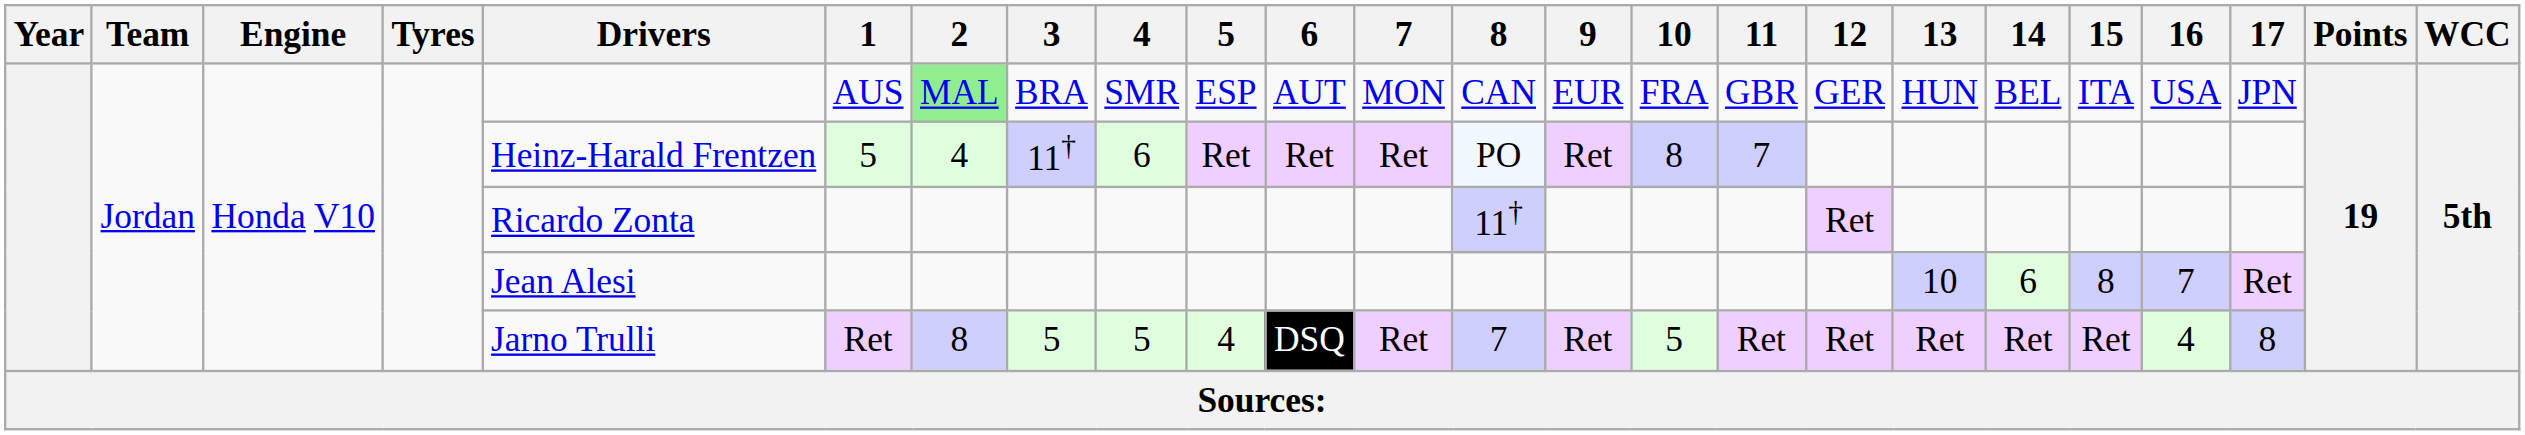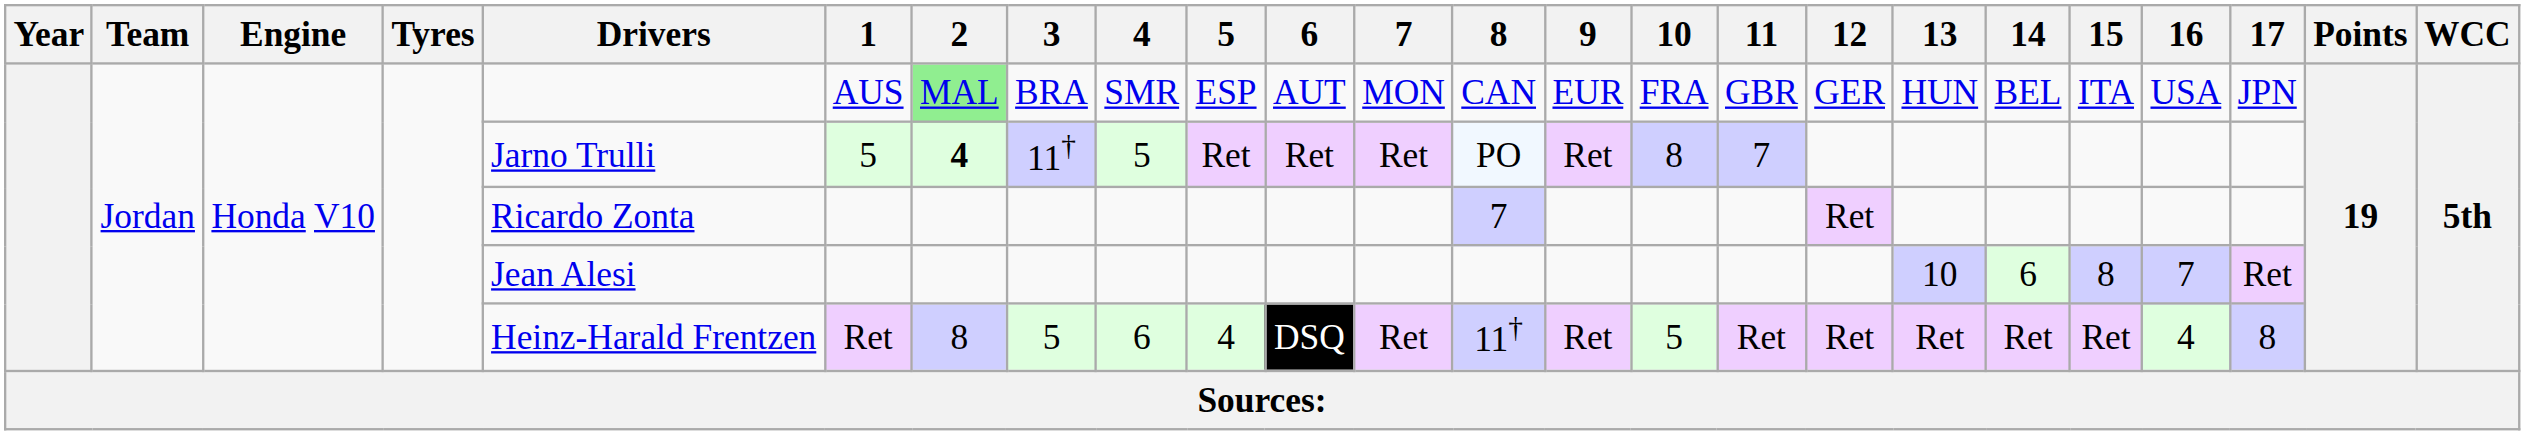 <table class="wikitable" style="text-align:center; font-size:95%">
 <tr>
 <th>Year</th>
 <th>Team</th>
 <th>Engine</th>
 <th>Tyres</th>
 <th>Drivers</th>
 <th>1</th>
 <th>2</th>
 <th>3</th>
 <th>4</th>
 <th>5</th>
 <th>6</th>
 <th>7</th>
 <th>8</th>
 <th>9</th>
 <th>10</th>
 <th>11</th>
 <th>12</th>
 <th>13</th>
 <th>14</th>
 <th>15</th>
 <th>16</th>
 <th>17</th>
 <th>Points</th>
 <th>WCC</th>
 </tr>
 <tr>
 <th rowspan="5"></th>
 <td rowspan="5"><a href='#'>Jordan</a></td>
 <td rowspan="5"><a href='#'>Honda</a> <a href='#'>V10</a></td>
 <td rowspan="5"></td>
 <td></td>
 <td><a href='#'>AUS</a></td>
 <td style="background: lightgreen;"><a href='#'>MAL</a></td>
 <td><a href='#'>BRA</a></td>
 <td><a href='#'>SMR</a></td>
 <td><a href='#'>ESP</a></td>
 <td><a href='#'>AUT</a></td>
 <td><a href='#'>MON</a></td>
 <td><a href='#'>CAN</a></td>
 <td><a href='#'>EUR</a></td>
 <td><a href='#'>FRA</a></td>
 <td><a href='#'>GBR</a></td>
 <td><a href='#'>GER</a></td>
 <td><a href='#'>HUN</a></td>
 <td><a href='#'>BEL</a></td>
 <td><a href='#'>ITA</a></td>
 <td><a href='#'>USA</a></td>
 <td><a href='#'>JPN</a></td>
 <th rowspan="5">19</th>
 <th rowspan="5">5th</th>
 </tr>
 <tr>
-<td align="left"> <a href='#'>Heinz-Harald Frentzen</a></td>
+<td align="left"> <a href='#'>Jarno Trulli</a></td>
 <td style="background:#DFFFDF;">5</td>
-<td style="background:#DFFFDF;">4</td>
+<td style="background:#DFFFDF;"><strong>4</strong></td>
 <td style="background:#CFCFFF;">11<sup>†</sup></td>
-<td style="background:#DFFFDF;">6</td>
+<td style="background:#DFFFDF;">5</td>
 <td style="background:#EFCFFF;">Ret</td>
 <td style="background:#EFCFFF;">Ret</td>
 <td style="background:#EFCFFF;">Ret</td>
 <td style="background:#F1F8FF;">PO</td>
 <td style="background:#EFCFFF;">Ret</td>
 <td style="background:#CFCFFF;">8</td>
 <td style="background:#CFCFFF;">7</td>
 <td></td>
 <td></td>
 <td></td>
 <td></td>
 <td></td>
 <td></td>
 </tr>
 <tr>
 <td align="left"> <a href='#'>Ricardo Zonta</a></td>
 <td></td>
 <td></td>
 <td></td>
 <td></td>
 <td></td>
 <td></td>
 <td></td>
-<td style="background:#CFCFFF;">11<sup>†</sup></td>
+<td style="background:#CFCFFF;">7</td>
 <td></td>
 <td></td>
 <td></td>
 <td style="background:#EFCFFF;">Ret</td>
 <td></td>
 <td></td>
 <td></td>
 <td></td>
 <td></td>
 </tr>
 <tr>
 <td align="left"> <a href='#'>Jean Alesi</a></td>
 <td></td>
 <td></td>
 <td></td>
 <td></td>
 <td></td>
 <td></td>
 <td></td>
 <td></td>
 <td></td>
 <td></td>
 <td></td>
 <td></td>
 <td style="background:#CFCFFF;">10</td>
 <td style="background:#DFFFDF;">6</td>
 <td style="background:#CFCFFF;">8</td>
 <td style="background:#CFCFFF;">7</td>
 <td style="background:#EFCFFF;">Ret</td>
 </tr>
 <tr>
-<td align="left"> <a href='#'>Jarno Trulli</a></td>
+<td align="left"> <a href='#'>Heinz-Harald Frentzen</a></td>
 <td style="background:#EFCFFF;">Ret</td>
 <td style="background:#CFCFFF;">8</td>
 <td style="background:#DFFFDF;">5</td>
-<td style="background:#DFFFDF;">5</td>
+<td style="background:#DFFFDF;">6</td>
 <td style="background:#DFFFDF;">4</td>
 <td style="background:#000000; color:white">DSQ</td>
 <td style="background:#EFCFFF;">Ret</td>
-<td style="background:#CFCFFF;">7</td>
+<td style="background:#CFCFFF;">11<sup>†</sup></td>
 <td style="background:#EFCFFF;">Ret</td>
 <td style="background:#DFFFDF;">5</td>
 <td style="background:#EFCFFF;">Ret</td>
 <td style="background:#EFCFFF;">Ret</td>
 <td style="background:#EFCFFF;">Ret</td>
 <td style="background:#EFCFFF;">Ret</td>
 <td style="background:#EFCFFF;">Ret</td>
 <td style="background:#DFFFDF;">4</td>
 <td style="background:#CFCFFF;">8</td>
 </tr>
 <tr>
 <th colspan="24">Sources:</th>
 </tr>
 </table>
